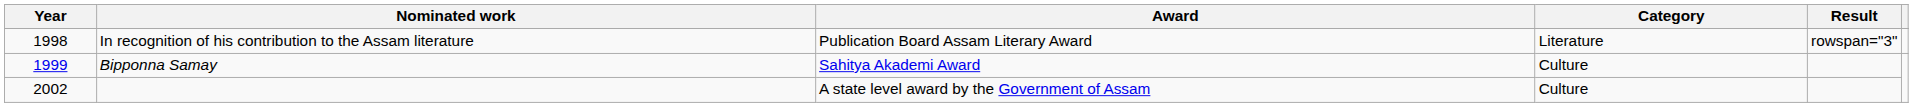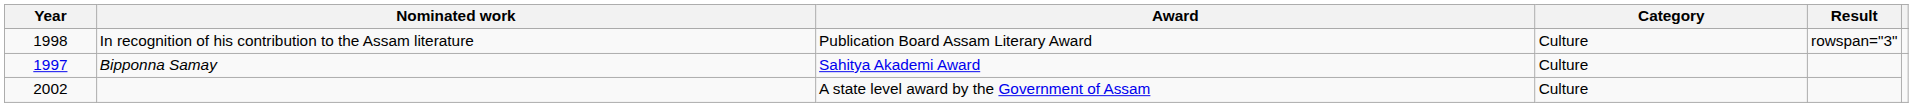 <table class="wikitable sortable" width=100%>
 <tr>
 <th width=5%>Year</th>
 <th style="width:40%;">Nominated work</th>
 <th style="width:40%;">Award</th>
 <th style="width:40%;">Category</th>
 <th style="width:10%;">Result</th>
 <th width=5%></th>
 </tr>
 <tr>
 </tr>
 <tr>
 <td style="text-align:center;">1998</td>
 <td style="text-align:left;">In recognition of his contribution to the Assam literature</td>
 <td>Publication Board Assam Literary Award</td>
-<td style="text-align:left;">Literature</td>
+<td style="text-align:left;">Culture</td>
 <td>rowspan="3"</td>
 <td style="text-align:center;"></td>
 </tr>
 <tr>
-<td style="text-align:center;"><a href='#'>1999</a></td>
+<td style="text-align:center;"><a href='#'>1997</a></td>
 <td style="text-align:left;"><em>Bipponna Samay</em></td>
 <td><a href='#'>Sahitya Akademi Award</a></td>
 <td style="text-align:left;">Culture</td>
 <td style="text-align:center;"></td>
 </tr>
 <tr>
 <td style="text-align:center;">2002</td>
 <td></td>
 <td>A state level award by the <a href='#'>Government of Assam</a></td>
 <td style="text-align:left;">Culture</td>
 <td style="text-align:center;"></td>
 </tr>
 </table>
